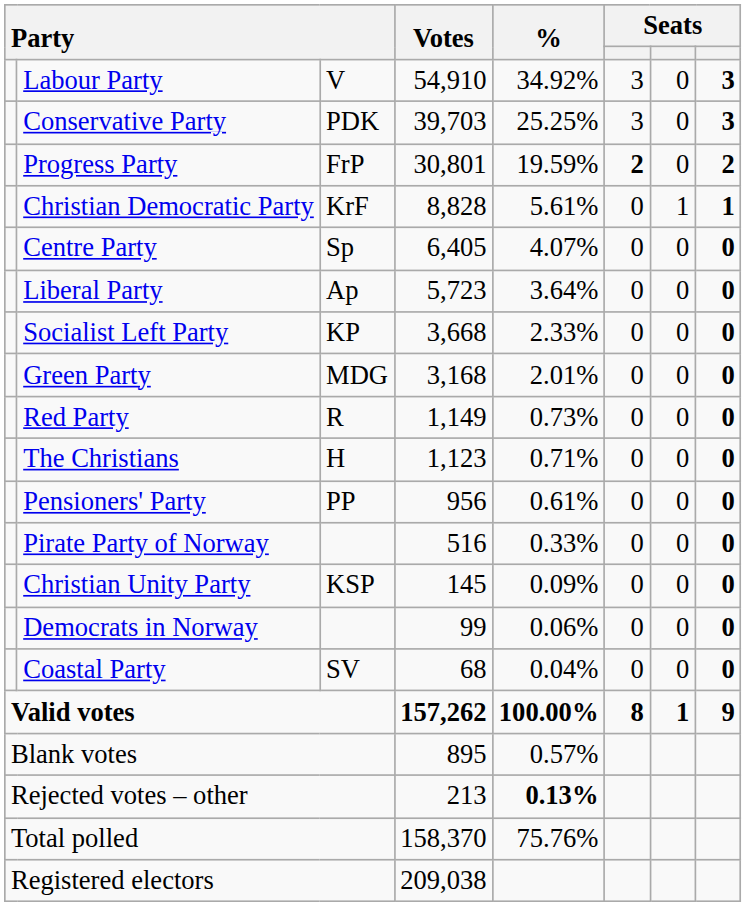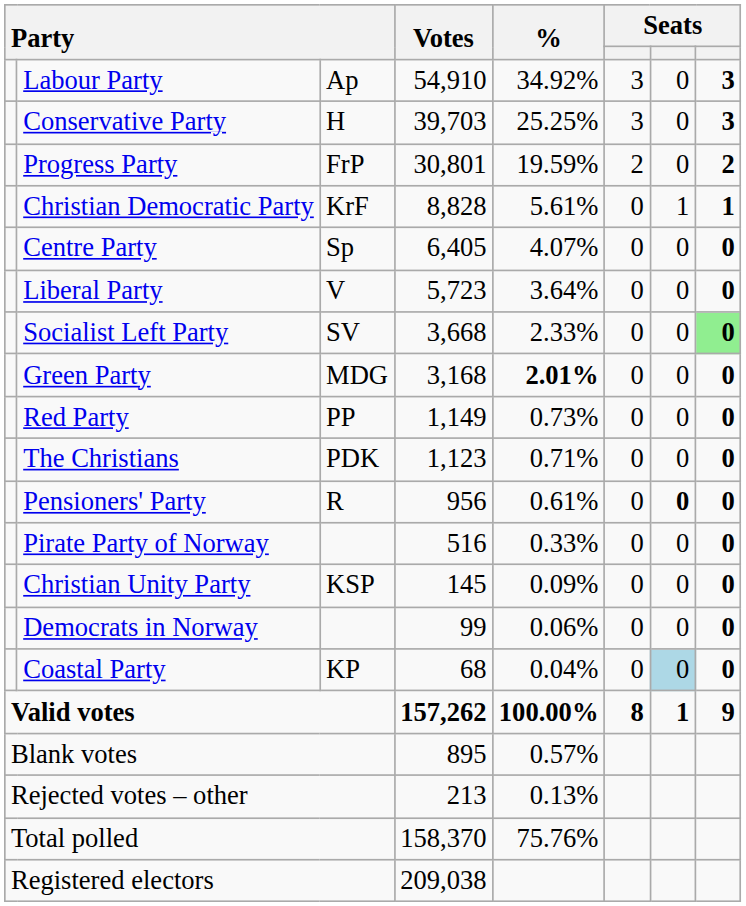 <table class="wikitable" border="1" style="text-align:right;">
 <tr>
 <th style="text-align:left;" valign=bottom rowspan=2 colspan=3>Party</th>
 <th align=center valign=bottom rowspan=2 width="50">Votes</th>
 <th align=center valign=bottom rowspan=2 width="50">%</th>
 <th colspan=3>Seats</th>
 </tr>
 <tr>
 <th align=center valign=bottom width="20"><small></small></th>
 <th align=center valign=bottom width="20"><small><a href='#'></a></small></th>
 <th align=center valign=bottom width="20"><small></small></th>
 </tr>
 <tr>
 <td style="color:inherit;background:"></td>
 <td align=left><a href='#'>Labour Party</a></td>
-<td align=left>V</td>
+<td align=left>Ap</td>
 <td>54,910</td>
 <td>34.92%</td>
 <td>3</td>
 <td>0</td>
 <td><strong>3</strong></td>
 </tr>
 <tr>
 <td style="color:inherit;background:"></td>
 <td align=left><a href='#'>Conservative Party</a></td>
-<td align=left>PDK</td>
+<td align=left>H</td>
 <td>39,703</td>
 <td>25.25%</td>
 <td>3</td>
 <td>0</td>
 <td><strong>3</strong></td>
 </tr>
 <tr>
 <td style="color:inherit;background:"></td>
 <td align=left><a href='#'>Progress Party</a></td>
 <td align=left>FrP</td>
 <td>30,801</td>
 <td>19.59%</td>
-<td><strong>2</strong></td>
+<td>2</td>
 <td>0</td>
 <td><strong>2</strong></td>
 </tr>
 <tr>
 <td style="color:inherit;background:"></td>
 <td align=left><a href='#'>Christian Democratic Party</a></td>
 <td align=left>KrF</td>
 <td>8,828</td>
 <td>5.61%</td>
 <td>0</td>
 <td>1</td>
 <td><strong>1</strong></td>
 </tr>
 <tr>
 <td style="color:inherit;background:"></td>
 <td align=left><a href='#'>Centre Party</a></td>
 <td align=left>Sp</td>
 <td>6,405</td>
 <td>4.07%</td>
 <td>0</td>
 <td>0</td>
 <td><strong>0</strong></td>
 </tr>
 <tr>
 <td style="color:inherit;background:"></td>
 <td align=left><a href='#'>Liberal Party</a></td>
-<td align=left>Ap</td>
+<td align=left>V</td>
 <td>5,723</td>
 <td>3.64%</td>
 <td>0</td>
 <td>0</td>
 <td><strong>0</strong></td>
 </tr>
 <tr>
 <td style="color:inherit;background:"></td>
 <td align=left><a href='#'>Socialist Left Party</a></td>
-<td align=left>KP</td>
+<td align=left>SV</td>
 <td>3,668</td>
 <td>2.33%</td>
 <td>0</td>
 <td>0</td>
-<td><strong>0</strong></td>
+<td style="background: lightgreen;"><strong>0</strong></td>
 </tr>
 <tr>
 <td style="color:inherit;background:"></td>
 <td align=left><a href='#'>Green Party</a></td>
 <td align=left>MDG</td>
 <td>3,168</td>
-<td>2.01%</td>
+<td><strong>2.01%</strong></td>
 <td>0</td>
 <td>0</td>
 <td><strong>0</strong></td>
 </tr>
 <tr>
 <td style="color:inherit;background:"></td>
 <td align=left><a href='#'>Red Party</a></td>
-<td align=left>R</td>
+<td align=left>PP</td>
 <td>1,149</td>
 <td>0.73%</td>
 <td>0</td>
 <td>0</td>
 <td><strong>0</strong></td>
 </tr>
 <tr>
 <td style="color:inherit;background:"></td>
 <td align=left><a href='#'>The Christians</a></td>
-<td align=left>H</td>
+<td align=left>PDK</td>
 <td>1,123</td>
 <td>0.71%</td>
 <td>0</td>
 <td>0</td>
 <td><strong>0</strong></td>
 </tr>
 <tr>
 <td style="color:inherit;background:"></td>
 <td align=left><a href='#'>Pensioners' Party</a></td>
-<td align=left>PP</td>
+<td align=left>R</td>
 <td>956</td>
 <td>0.61%</td>
 <td>0</td>
-<td>0</td>
+<td><strong>0</strong></td>
 <td><strong>0</strong></td>
 </tr>
 <tr>
 <td style="color:inherit;background:"></td>
 <td align=left><a href='#'>Pirate Party of Norway</a></td>
 <td align=left></td>
 <td>516</td>
 <td>0.33%</td>
 <td>0</td>
 <td>0</td>
 <td><strong>0</strong></td>
 </tr>
 <tr>
 <td style="color:inherit;background:"></td>
 <td align=left><a href='#'>Christian Unity Party</a></td>
 <td align=left>KSP</td>
 <td>145</td>
 <td>0.09%</td>
 <td>0</td>
 <td>0</td>
 <td><strong>0</strong></td>
 </tr>
 <tr>
 <td style="color:inherit;background:"></td>
 <td align=left><a href='#'>Democrats in Norway</a></td>
 <td align=left></td>
 <td>99</td>
 <td>0.06%</td>
 <td>0</td>
 <td>0</td>
 <td><strong>0</strong></td>
 </tr>
 <tr>
 <td style="color:inherit;background:"></td>
 <td align=left><a href='#'>Coastal Party</a></td>
-<td align=left>SV</td>
+<td align=left>KP</td>
 <td>68</td>
 <td>0.04%</td>
 <td>0</td>
-<td>0</td>
+<td style="background: lightblue;">0</td>
 <td><strong>0</strong></td>
 </tr>
 <tr style="font-weight:bold">
 <td align=left colspan=3>Valid votes</td>
 <td>157,262</td>
 <td>100.00%</td>
 <td>8</td>
 <td>1</td>
 <td>9</td>
 </tr>
 <tr>
 <td align=left colspan=3>Blank votes</td>
 <td>895</td>
 <td>0.57%</td>
 <td></td>
 <td></td>
 <td></td>
 </tr>
 <tr>
 <td align=left colspan=3>Rejected votes – other</td>
 <td>213</td>
-<td><strong>0.13%</strong></td>
+<td>0.13%</td>
 <td></td>
 <td></td>
 <td></td>
 </tr>
 <tr>
 <td align=left colspan=3>Total polled</td>
 <td>158,370</td>
 <td>75.76%</td>
 <td></td>
 <td></td>
 <td></td>
 </tr>
 <tr>
 <td align=left colspan=3>Registered electors</td>
 <td>209,038</td>
 <td></td>
 <td></td>
 <td></td>
 <td></td>
 </tr>
 </table>
